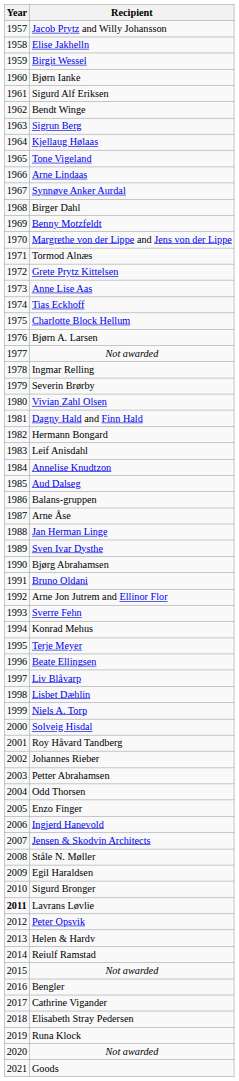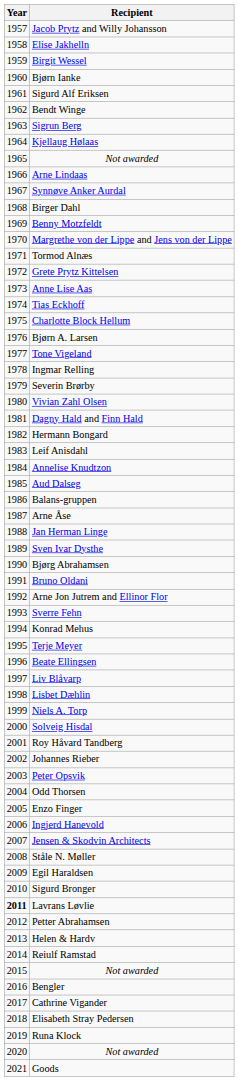 <table class="wikitable sortable">
 <tr>
 <th>Year</th>
 <th>Recipient</th>
 </tr>
 <tr id="1957">
 <td>1957</td>
 <td><a href='#'>Jacob Prytz</a> and Willy Johansson</td>
 </tr>
 <tr>
 <td>1958</td>
 <td><a href='#'>Elise Jakhelln</a></td>
 </tr>
 <tr>
 <td>1959</td>
 <td><a href='#'>Birgit Wessel</a></td>
 </tr>
 <tr id="1960">
 <td>1960</td>
 <td>Bjørn Ianke</td>
 </tr>
 <tr>
 <td>1961</td>
 <td>Sigurd Alf Eriksen</td>
 </tr>
 <tr>
 <td>1962</td>
 <td>Bendt Winge</td>
 </tr>
 <tr>
 <td>1963</td>
 <td><a href='#'>Sigrun Berg</a></td>
 </tr>
 <tr>
 <td>1964</td>
 <td><a href='#'>Kjellaug Hølaas</a></td>
 </tr>
 <tr>
 <td>1965</td>
-<td><a href='#'>Tone Vigeland</a></td>
+<td align="center"><em>Not awarded</em></td>
 </tr>
 <tr>
 <td>1966</td>
 <td><a href='#'>Arne Lindaas</a></td>
 </tr>
 <tr>
 <td>1967</td>
 <td><a href='#'>Synnøve Anker Aurdal</a></td>
 </tr>
 <tr>
 <td>1968</td>
 <td>Birger Dahl</td>
 </tr>
 <tr>
 <td>1969</td>
 <td><a href='#'>Benny Motzfeldt</a></td>
 </tr>
 <tr id="1970">
 <td>1970</td>
 <td><a href='#'>Margrethe von der Lippe</a> and <a href='#'>Jens von der Lippe</a></td>
 </tr>
 <tr>
 <td>1971</td>
 <td>Tormod Alnæs</td>
 </tr>
 <tr>
 <td>1972</td>
 <td><a href='#'>Grete Prytz Kittelsen</a></td>
 </tr>
 <tr>
 <td>1973</td>
 <td><a href='#'>Anne Lise Aas</a></td>
 </tr>
 <tr>
 <td>1974</td>
 <td><a href='#'>Tias Eckhoff</a></td>
 </tr>
 <tr>
 <td>1975</td>
 <td><a href='#'>Charlotte Block Hellum</a></td>
 </tr>
 <tr>
 <td>1976</td>
 <td>Bjørn A. Larsen</td>
 </tr>
 <tr>
 <td>1977</td>
-<td align="center"><em>Not awarded</em></td>
+<td><a href='#'>Tone Vigeland</a></td>
 </tr>
 <tr>
 <td>1978</td>
 <td>Ingmar Relling</td>
 </tr>
 <tr>
 <td>1979</td>
 <td>Severin Brørby</td>
 </tr>
 <tr id="1980">
 <td>1980</td>
 <td><a href='#'>Vivian Zahl Olsen</a></td>
 </tr>
 <tr>
 <td>1981</td>
 <td><a href='#'>Dagny Hald</a> and <a href='#'>Finn Hald</a></td>
 </tr>
 <tr>
 <td>1982</td>
 <td>Hermann Bongard</td>
 </tr>
 <tr>
 <td>1983</td>
 <td>Leif Anisdahl</td>
 </tr>
 <tr>
 <td>1984</td>
 <td><a href='#'>Annelise Knudtzon</a></td>
 </tr>
 <tr>
 <td>1985</td>
 <td><a href='#'>Aud Dalseg</a></td>
 </tr>
 <tr>
 <td>1986</td>
 <td>Balans-gruppen</td>
 </tr>
 <tr>
 <td>1987</td>
 <td>Arne Åse</td>
 </tr>
 <tr>
 <td>1988</td>
 <td><a href='#'>Jan Herman Linge</a></td>
 </tr>
 <tr>
 <td>1989</td>
 <td><a href='#'>Sven Ivar Dysthe</a></td>
 </tr>
 <tr id="1990">
 <td>1990</td>
 <td>Bjørg Abrahamsen</td>
 </tr>
 <tr>
 <td>1991</td>
 <td><a href='#'>Bruno Oldani</a></td>
 </tr>
 <tr>
 <td>1992</td>
 <td>Arne Jon Jutrem and <a href='#'>Ellinor Flor</a></td>
 </tr>
 <tr>
 <td>1993</td>
 <td><a href='#'>Sverre Fehn</a></td>
 </tr>
 <tr>
 <td>1994</td>
 <td>Konrad Mehus</td>
 </tr>
 <tr>
 <td>1995</td>
 <td><a href='#'>Terje Meyer</a></td>
 </tr>
 <tr>
 <td>1996</td>
 <td><a href='#'>Beate Ellingsen</a></td>
 </tr>
 <tr>
 <td>1997</td>
 <td><a href='#'>Liv Blåvarp</a></td>
 </tr>
 <tr>
 <td>1998</td>
 <td><a href='#'>Lisbet Dæhlin</a></td>
 </tr>
 <tr>
 <td>1999</td>
 <td><a href='#'>Niels A. Torp</a></td>
 </tr>
 <tr id="2000">
 <td>2000</td>
 <td><a href='#'>Solveig Hisdal</a></td>
 </tr>
 <tr>
 <td>2001</td>
 <td>Roy Håvard Tandberg</td>
 </tr>
 <tr>
 <td>2002</td>
 <td>Johannes Rieber</td>
 </tr>
 <tr>
 <td>2003</td>
-<td>Petter Abrahamsen</td>
+<td><a href='#'>Peter Opsvik</a></td>
 </tr>
 <tr>
 <td>2004</td>
 <td>Odd Thorsen</td>
 </tr>
 <tr>
 <td>2005</td>
 <td>Enzo Finger</td>
 </tr>
 <tr>
 <td>2006</td>
 <td><a href='#'>Ingjerd Hanevold</a></td>
 </tr>
 <tr>
 <td>2007</td>
 <td><a href='#'>Jensen & Skodvin Architects</a></td>
 </tr>
 <tr>
 <td>2008</td>
 <td>Ståle N. Møller</td>
 </tr>
 <tr>
 <td>2009</td>
 <td>Egil Haraldsen</td>
 </tr>
 <tr id="2010">
 <td>2010</td>
 <td>Sigurd Bronger</td>
 </tr>
 <tr>
 <td><strong>2011</strong></td>
 <td>Lavrans Løvlie</td>
 </tr>
 <tr>
 <td>2012</td>
-<td><a href='#'>Peter Opsvik</a></td>
+<td>Petter Abrahamsen</td>
 </tr>
 <tr>
 <td>2013</td>
 <td>Helen & Hardv</td>
 </tr>
 <tr>
 <td>2014</td>
 <td>Reiulf Ramstad</td>
 </tr>
 <tr>
 <td>2015</td>
 <td align="center"><em>Not awarded</em></td>
 </tr>
 <tr>
 <td>2016</td>
 <td>Bengler</td>
 </tr>
 <tr>
 <td>2017</td>
 <td>Cathrine Vigander</td>
 </tr>
 <tr>
 <td>2018</td>
 <td>Elisabeth Stray Pedersen</td>
 </tr>
 <tr>
 <td>2019</td>
 <td>Runa Klock</td>
 </tr>
 <tr id="2020">
 <td>2020</td>
 <td align="center"><em>Not awarded</em></td>
 </tr>
 <tr>
 <td>2021</td>
 <td>Goods</td>
 </tr>
 </table>
